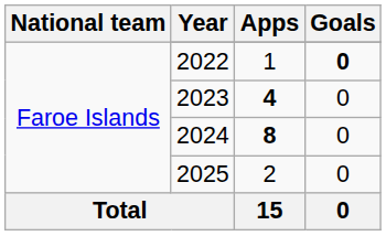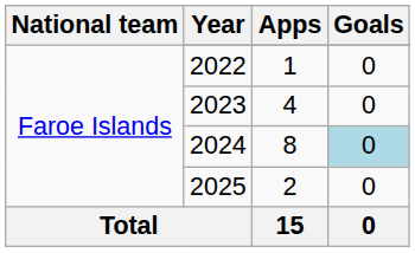 <table class="wikitable" style="text-align:center">
 <tr>
 <th>National team</th>
 <th>Year</th>
 <th>Apps</th>
 <th>Goals</th>
 </tr>
 <tr>
 <td rowspan=5><a href='#'>Faroe Islands</a></td>
 </tr>
 <tr>
 <td>2022</td>
 <td>1</td>
-<td><strong>0</strong></td>
+<td>0</td>
 </tr>
 <tr>
 <td>2023</td>
-<td><strong>4</strong></td>
+<td>4</td>
 <td>0</td>
 </tr>
 <tr>
 <td>2024</td>
-<td><strong>8</strong></td>
-<td>0</td>
+<td>8</td>
+<td style="background: lightblue;">0</td>
 </tr>
 <tr>
 <td>2025</td>
 <td>2</td>
 <td>0</td>
 </tr>
 <tr>
 <th colspan="2">Total</th>
 <th>15</th>
 <th>0</th>
 </tr>
 </table>
